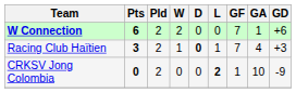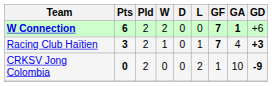 <table class="wikitable" style="text-align:center;">
 <tr>
 <th width=165>Team</th>
 <th width=20>Pts</th>
 <th width=20>Pld</th>
 <th width=20>W</th>
 <th width=20>D</th>
 <th width=20>L</th>
 <th width=20>GF</th>
 <th width=20>GA</th>
 <th width=20>GD</th>
 </tr>
 <tr align=center style="background:#ccffcc;">
 <td style="text-align:left;"> <strong><a href='#'>W Connection</a></strong></td>
 <td><strong>6</strong></td>
 <td>2</td>
 <td>2</td>
 <td>0</td>
 <td>0</td>
-<td>7</td>
-<td>1</td>
+<td><strong>7</strong></td>
+<td><strong>1</strong></td>
 <td>+6</td>
 </tr>
 <tr align=center style="background:#f5f5f5;">
 <td style="text-align:left;"> <a href='#'>Racing Club Haïtien</a></td>
 <td><strong>3</strong></td>
 <td>2</td>
 <td>1</td>
-<td><strong>0</strong></td>
+<td>0</td>
 <td>1</td>
-<td>7</td>
+<td><strong>7</strong></td>
 <td>4</td>
-<td>+3</td>
+<td><strong>+3</strong></td>
 </tr>
 <tr align=center style="background:#f5f5f5;">
 <td style="text-align:left;"> <a href='#'>CRKSV Jong Colombia</a></td>
 <td><strong>0</strong></td>
 <td>2</td>
 <td>0</td>
 <td>0</td>
-<td><strong>2</strong></td>
+<td>2</td>
 <td>1</td>
 <td>10</td>
-<td>-9</td>
+<td><strong>-9</strong></td>
 </tr>
 <tr align=center style="background:#f5f5f5;">
 </tr>
 </table>
